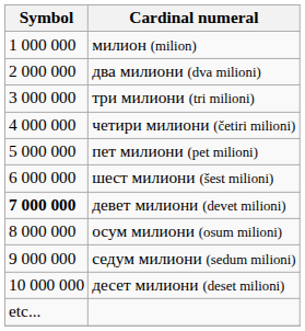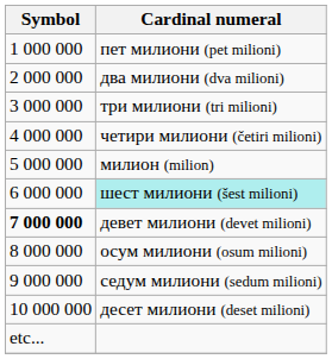 <table class="wikitable" align="center">
 <tr>
 <th>Symbol</th>
 <th>Cardinal numeral</th>
 </tr>
 <tr>
 <td>1 000 000</td>
-<td>милион <small>(milion)</small></td>
+<td>пет милиони <small>(pet milioni)</small></td>
 </tr>
 <tr>
 <td>2 000 000</td>
 <td>два милиони <small>(dva milioni)</small></td>
 </tr>
 <tr>
 <td>3 000 000</td>
 <td>три милиони <small>(tri milioni)</small></td>
 </tr>
 <tr>
 <td>4 000 000</td>
 <td>четири милиони <small>(četiri milioni)</small></td>
 </tr>
 <tr>
 <td>5 000 000</td>
-<td>пет милиони <small>(pet milioni)</small></td>
+<td>милион <small>(milion)</small></td>
 </tr>
 <tr>
 <td>6 000 000</td>
-<td>шест милиони <small>(šest milioni)</small></td>
+<td style="background: paleturquoise;">шест милиони <small>(šest milioni)</small></td>
 </tr>
 <tr>
 <td><strong>7 000 000</strong></td>
 <td>девет милиони <small>(devet milioni)</small></td>
 </tr>
 <tr>
 <td>8 000 000</td>
 <td>осум милиони <small>(osum milioni)</small></td>
 </tr>
 <tr>
 <td>9 000 000</td>
 <td>седум милиони <small>(sedum milioni)</small></td>
 </tr>
 <tr>
 <td>10 000 000</td>
 <td>десет милиони <small>(deset milioni)</small></td>
 </tr>
 <tr>
 <td>etc...</td>
 <td></td>
 </tr>
 <tr>
 </tr>
 </table>
